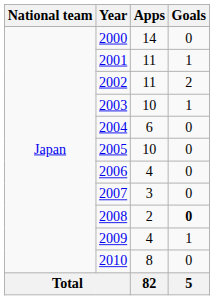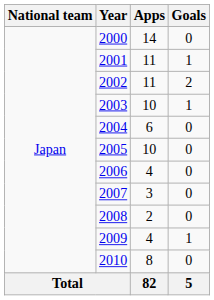 <table class="wikitable" style="text-align:center">
 <tr>
 <th>National team</th>
 <th>Year</th>
 <th>Apps</th>
 <th>Goals</th>
 </tr>
 <tr>
 <td rowspan="11"><a href='#'>Japan</a></td>
 <td><a href='#'>2000</a></td>
 <td>14</td>
 <td>0</td>
 </tr>
 <tr>
 <td><a href='#'>2001</a></td>
 <td>11</td>
 <td>1</td>
 </tr>
 <tr>
 <td><a href='#'>2002</a></td>
 <td>11</td>
 <td>2</td>
 </tr>
 <tr>
 <td><a href='#'>2003</a></td>
 <td>10</td>
 <td>1</td>
 </tr>
 <tr>
 <td><a href='#'>2004</a></td>
 <td>6</td>
 <td>0</td>
 </tr>
 <tr>
 <td><a href='#'>2005</a></td>
 <td>10</td>
 <td>0</td>
 </tr>
 <tr>
 <td><a href='#'>2006</a></td>
 <td>4</td>
 <td>0</td>
 </tr>
 <tr>
 <td><a href='#'>2007</a></td>
 <td>3</td>
 <td>0</td>
 </tr>
 <tr>
 <td><a href='#'>2008</a></td>
 <td>2</td>
-<td><strong>0</strong></td>
+<td>0</td>
 </tr>
 <tr>
 <td><a href='#'>2009</a></td>
 <td>4</td>
 <td>1</td>
 </tr>
 <tr>
 <td><a href='#'>2010</a></td>
 <td>8</td>
 <td>0</td>
 </tr>
 <tr>
 <th colspan="2">Total</th>
 <th>82</th>
 <th>5</th>
 </tr>
 </table>
